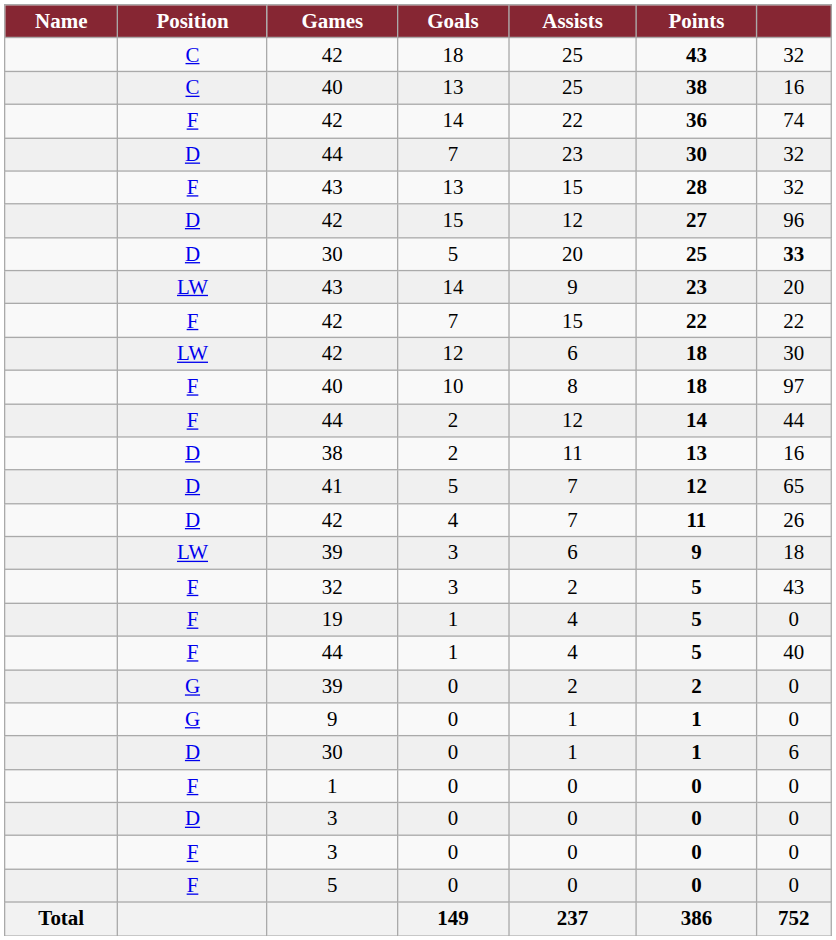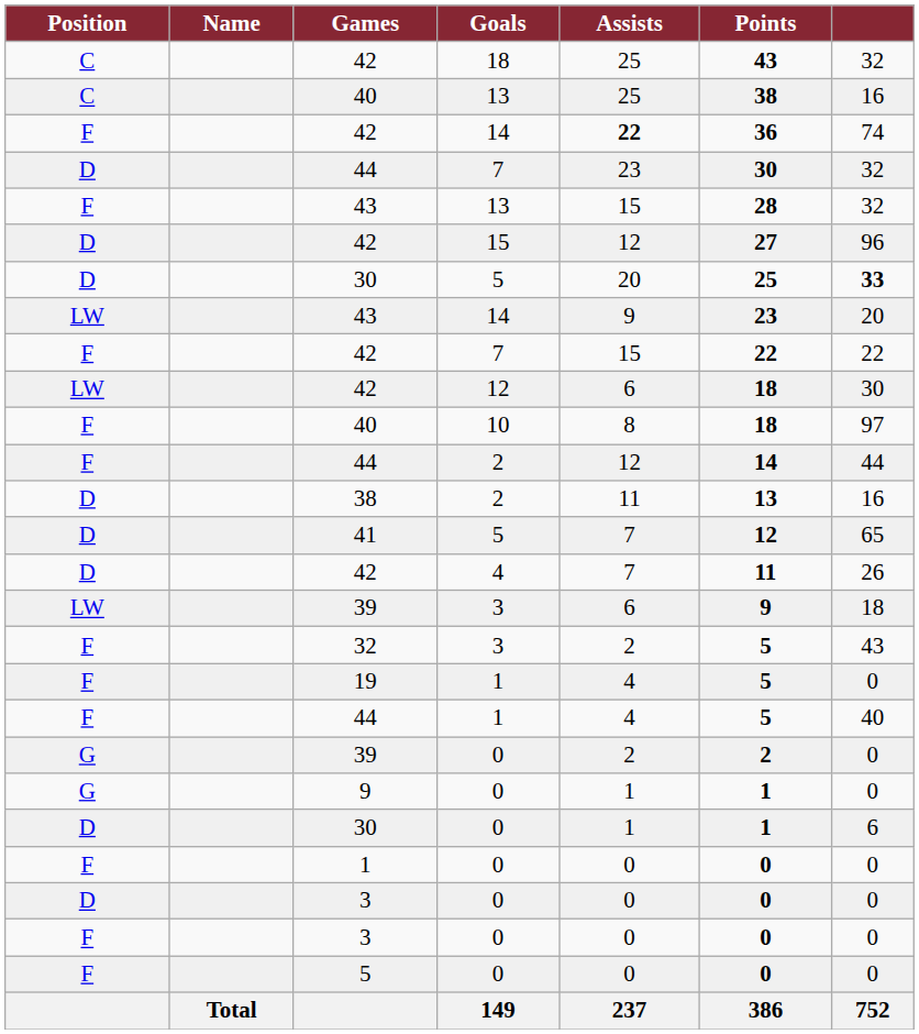 <table class="wikitable sortable" width ="50%">
 <tr align="center">
+<th style="color:white; background:#862633; ">Position</th>
 <th style="color:white; background:#862633; ">Name</th>
-<th style="color:white; background:#862633; ">Position</th>
 <th style="color:white; background:#862633; ">Games</th>
 <th style="color:white; background:#862633; ">Goals</th>
 <th style="color:white; background:#862633; ">Assists</th>
 <th style="color:white; background:#862633; ">Points</th>
 <th style="color:white; background:#862633; "><a href='#'></a></th>
 </tr>
 <tr align="center" bgcolor="">
+<td><a href='#'>C</a></td>
 <td></td>
-<td><a href='#'>C</a></td>
 <td>42</td>
 <td>18</td>
 <td>25</td>
 <td><strong>43</strong></td>
 <td>32</td>
 </tr>
 <tr align="center" bgcolor="f0f0f0">
+<td><a href='#'>C</a></td>
 <td></td>
-<td><a href='#'>C</a></td>
 <td>40</td>
 <td>13</td>
 <td>25</td>
 <td><strong>38</strong></td>
 <td>16</td>
 </tr>
 <tr align="center" bgcolor="">
+<td><a href='#'>F</a></td>
 <td></td>
-<td><a href='#'>F</a></td>
 <td>42</td>
 <td>14</td>
-<td>22</td>
+<td><strong>22</strong></td>
 <td><strong>36</strong></td>
 <td>74</td>
 </tr>
 <tr align="center" bgcolor="f0f0f0">
+<td><a href='#'>D</a></td>
 <td></td>
-<td><a href='#'>D</a></td>
 <td>44</td>
 <td>7</td>
 <td>23</td>
 <td><strong>30</strong></td>
 <td>32</td>
 </tr>
 <tr align="center" bgcolor="">
+<td><a href='#'>F</a></td>
 <td></td>
-<td><a href='#'>F</a></td>
 <td>43</td>
 <td>13</td>
 <td>15</td>
 <td><strong>28</strong></td>
 <td>32</td>
 </tr>
 <tr align="center" bgcolor="f0f0f0">
+<td><a href='#'>D</a></td>
 <td></td>
-<td><a href='#'>D</a></td>
 <td>42</td>
 <td>15</td>
 <td>12</td>
 <td><strong>27</strong></td>
 <td>96</td>
 </tr>
 <tr align="center" bgcolor="">
+<td><a href='#'>D</a></td>
 <td></td>
-<td><a href='#'>D</a></td>
 <td>30</td>
 <td>5</td>
 <td>20</td>
 <td><strong>25</strong></td>
 <td><strong>33</strong></td>
 </tr>
 <tr align="center" bgcolor="f0f0f0">
+<td><a href='#'>LW</a></td>
 <td></td>
-<td><a href='#'>LW</a></td>
 <td>43</td>
 <td>14</td>
 <td>9</td>
 <td><strong>23</strong></td>
 <td>20</td>
 </tr>
 <tr align="center" bgcolor="">
+<td><a href='#'>F</a></td>
 <td></td>
-<td><a href='#'>F</a></td>
 <td>42</td>
 <td>7</td>
 <td>15</td>
 <td><strong>22</strong></td>
 <td>22</td>
 </tr>
 <tr align="center" bgcolor="f0f0f0">
+<td><a href='#'>LW</a></td>
 <td></td>
-<td><a href='#'>LW</a></td>
 <td>42</td>
 <td>12</td>
 <td>6</td>
 <td><strong>18</strong></td>
 <td>30</td>
 </tr>
 <tr align="center" bgcolor="">
+<td><a href='#'>F</a></td>
 <td></td>
-<td><a href='#'>F</a></td>
 <td>40</td>
 <td>10</td>
 <td>8</td>
 <td><strong>18</strong></td>
 <td>97</td>
 </tr>
 <tr align="center" bgcolor="f0f0f0">
+<td><a href='#'>F</a></td>
 <td></td>
-<td><a href='#'>F</a></td>
 <td>44</td>
 <td>2</td>
 <td>12</td>
 <td><strong>14</strong></td>
 <td>44</td>
 </tr>
 <tr align="center" bgcolor="">
+<td><a href='#'>D</a></td>
 <td></td>
-<td><a href='#'>D</a></td>
 <td>38</td>
 <td>2</td>
 <td>11</td>
 <td><strong>13</strong></td>
 <td>16</td>
 </tr>
 <tr align="center" bgcolor="f0f0f0">
+<td><a href='#'>D</a></td>
 <td></td>
-<td><a href='#'>D</a></td>
 <td>41</td>
 <td>5</td>
 <td>7</td>
 <td><strong>12</strong></td>
 <td>65</td>
 </tr>
 <tr align="center" bgcolor="">
+<td><a href='#'>D</a></td>
 <td></td>
-<td><a href='#'>D</a></td>
 <td>42</td>
 <td>4</td>
 <td>7</td>
 <td><strong>11</strong></td>
 <td>26</td>
 </tr>
 <tr align="center" bgcolor="f0f0f0">
+<td><a href='#'>LW</a></td>
 <td></td>
-<td><a href='#'>LW</a></td>
 <td>39</td>
 <td>3</td>
 <td>6</td>
 <td><strong>9</strong></td>
 <td>18</td>
 </tr>
 <tr align="center" bgcolor="">
+<td><a href='#'>F</a></td>
 <td></td>
-<td><a href='#'>F</a></td>
 <td>32</td>
 <td>3</td>
 <td>2</td>
 <td><strong>5</strong></td>
 <td>43</td>
 </tr>
 <tr align="center" bgcolor="f0f0f0">
+<td><a href='#'>F</a></td>
 <td></td>
-<td><a href='#'>F</a></td>
 <td>19</td>
 <td>1</td>
 <td>4</td>
 <td><strong>5</strong></td>
 <td>0</td>
 </tr>
 <tr align="center" bgcolor="">
+<td><a href='#'>F</a></td>
 <td></td>
-<td><a href='#'>F</a></td>
 <td>44</td>
 <td>1</td>
 <td>4</td>
 <td><strong>5</strong></td>
 <td>40</td>
 </tr>
 <tr align="center" bgcolor="f0f0f0">
+<td><a href='#'>G</a></td>
 <td></td>
-<td><a href='#'>G</a></td>
 <td>39</td>
 <td>0</td>
 <td>2</td>
 <td><strong>2</strong></td>
 <td>0</td>
 </tr>
 <tr align="center" bgcolor="">
+<td><a href='#'>G</a></td>
 <td></td>
-<td><a href='#'>G</a></td>
 <td>9</td>
 <td>0</td>
 <td>1</td>
 <td><strong>1</strong></td>
 <td>0</td>
 </tr>
 <tr align="center" bgcolor="f0f0f0">
+<td><a href='#'>D</a></td>
 <td></td>
-<td><a href='#'>D</a></td>
 <td>30</td>
 <td>0</td>
 <td>1</td>
 <td><strong>1</strong></td>
 <td>6</td>
 </tr>
 <tr align="center" bgcolor="">
+<td><a href='#'>F</a></td>
 <td></td>
-<td><a href='#'>F</a></td>
 <td>1</td>
 <td>0</td>
 <td>0</td>
 <td><strong>0</strong></td>
 <td>0</td>
 </tr>
 <tr align="center" bgcolor="f0f0f0">
+<td><a href='#'>D</a></td>
 <td></td>
-<td><a href='#'>D</a></td>
 <td>3</td>
 <td>0</td>
 <td>0</td>
 <td><strong>0</strong></td>
 <td>0</td>
 </tr>
 <tr align="center" bgcolor="">
+<td><a href='#'>F</a></td>
 <td></td>
-<td><a href='#'>F</a></td>
 <td>3</td>
 <td>0</td>
 <td>0</td>
 <td><strong>0</strong></td>
 <td>0</td>
 </tr>
 <tr align="center" bgcolor="f0f0f0">
+<td><a href='#'>F</a></td>
 <td></td>
-<td><a href='#'>F</a></td>
 <td>5</td>
 <td>0</td>
 <td>0</td>
 <td><strong>0</strong></td>
 <td>0</td>
 </tr>
 <tr>
+<th></th>
 <th>Total</th>
-<th></th>
 <th></th>
 <th>149</th>
 <th>237</th>
 <th>386</th>
 <th>752</th>
 </tr>
 </table>
